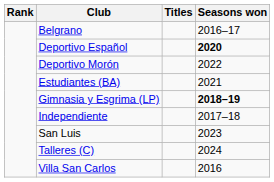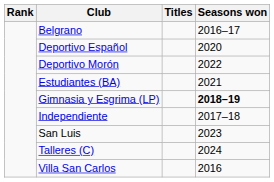 <table class="wikitable sortable plainrowheaders">
 <tr>
 <th>Rank</th>
 <th scope=col>Club</th>
 <th scope=col>Titles</th>
 <th scope=col>Seasons won</th>
 </tr>
 <tr>
 <td rowspan="9"></td>
 <td><a href='#'>Belgrano</a></td>
 <td></td>
 <td>2016–17</td>
 </tr>
 <tr>
 <td><a href='#'>Deportivo Español</a></td>
 <td></td>
-<td><strong>2020</strong></td>
+<td>2020</td>
 </tr>
 <tr>
 <td><a href='#'>Deportivo Morón</a></td>
 <td></td>
 <td>2022</td>
 </tr>
 <tr>
 <td><a href='#'>Estudiantes (BA)</a></td>
 <td></td>
 <td>2021</td>
 </tr>
 <tr>
 <td><a href='#'>Gimnasia y Esgrima (LP)</a></td>
 <td></td>
 <td><strong>2018–19</strong></td>
 </tr>
 <tr>
 <td><a href='#'>Independiente</a></td>
 <td></td>
 <td>2017–18</td>
 </tr>
 <tr>
 <td>San Luis</td>
 <td></td>
 <td>2023</td>
 </tr>
 <tr>
 <td><a href='#'>Talleres (C)</a></td>
 <td></td>
 <td>2024</td>
 </tr>
 <tr>
 <td><a href='#'>Villa San Carlos</a></td>
 <td></td>
 <td>2016</td>
 </tr>
 </table>
